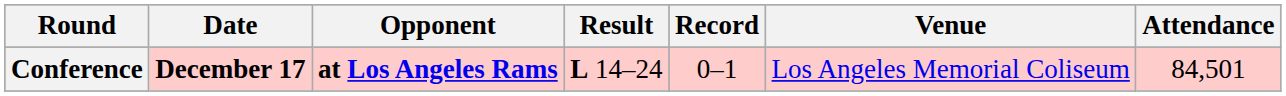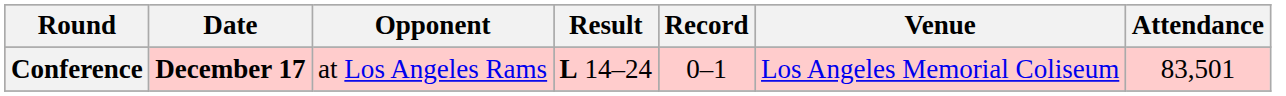 <table class="wikitable" style="text-align:center">
 <tr>
 <th>Round</th>
 <th>Date</th>
 <th>Opponent</th>
 <th>Result</th>
 <th>Record</th>
 <th>Venue</th>
 <th>Attendance</th>
 </tr>
 <tr style="background:#fcc">
 <th>Conference</th>
 <td><strong>December 17</strong></td>
-<td><strong>at <a href='#'>Los Angeles Rams</a></strong></td>
+<td>at <a href='#'>Los Angeles Rams</a></td>
 <td><strong>L</strong> 14–24</td>
 <td>0–1</td>
 <td><a href='#'>Los Angeles Memorial Coliseum</a></td>
-<td>84,501</td>
+<td>83,501</td>
 </tr>
 </table>
